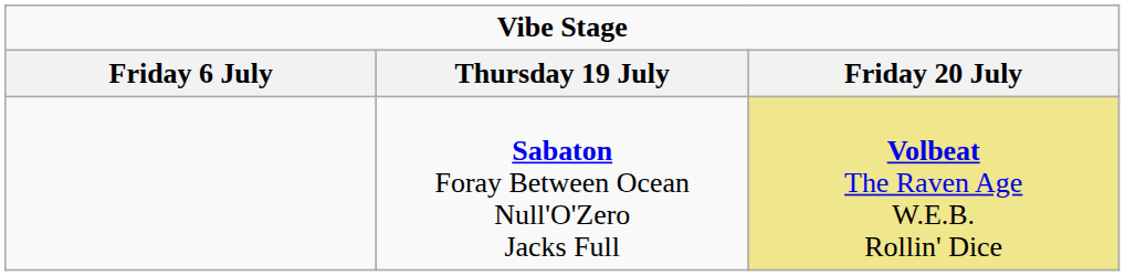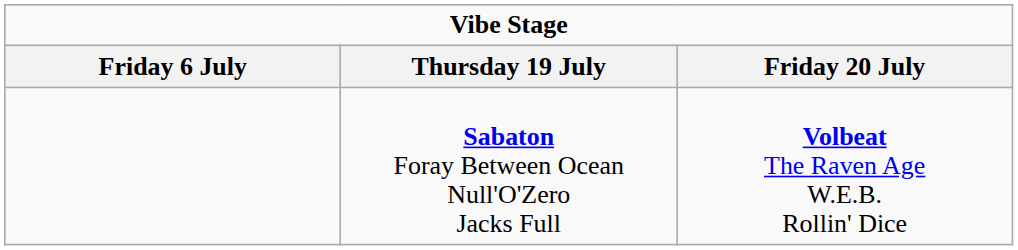 <table class="wikitable">
 <tr>
 <td colspan="3" align="center"><strong>Vibe Stage</strong></td>
 </tr>
 <tr>
 <th>Friday 6 July</th>
 <th>Thursday 19 July</th>
 <th>Friday 20 July</th>
 </tr>
 <tr>
 <td valign="top" align="center" width=200></td>
 <td valign="top" align="center" width=200><br><strong><a href='#'>Sabaton</a></strong> <br>Foray Between Ocean <br>Null'O'Zero <br>Jacks Full</td>
-<td valign="top" align="center" width=200 style="background: khaki;"><br><strong><a href='#'>Volbeat</a></strong> <br><a href='#'>The Raven Age</a> <br>W.E.B. <br>Rollin' Dice</td>
+<td valign="top" align="center" width=200><br><strong><a href='#'>Volbeat</a></strong> <br><a href='#'>The Raven Age</a> <br>W.E.B. <br>Rollin' Dice</td>
 </tr>
 </table>
